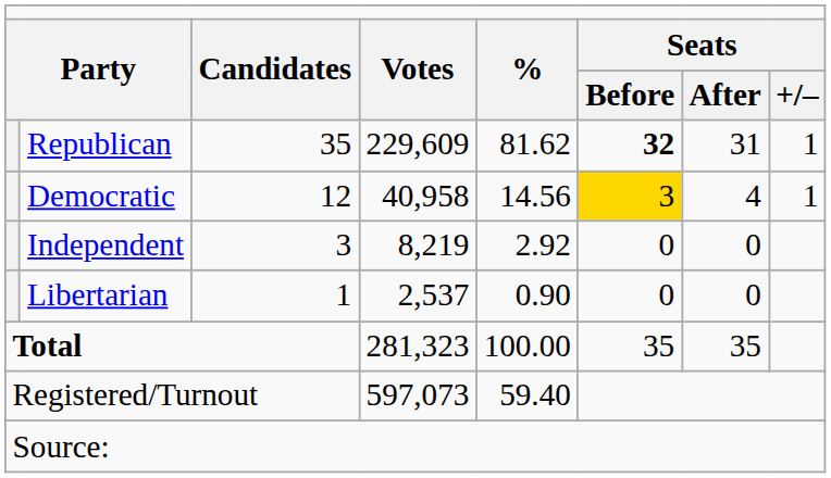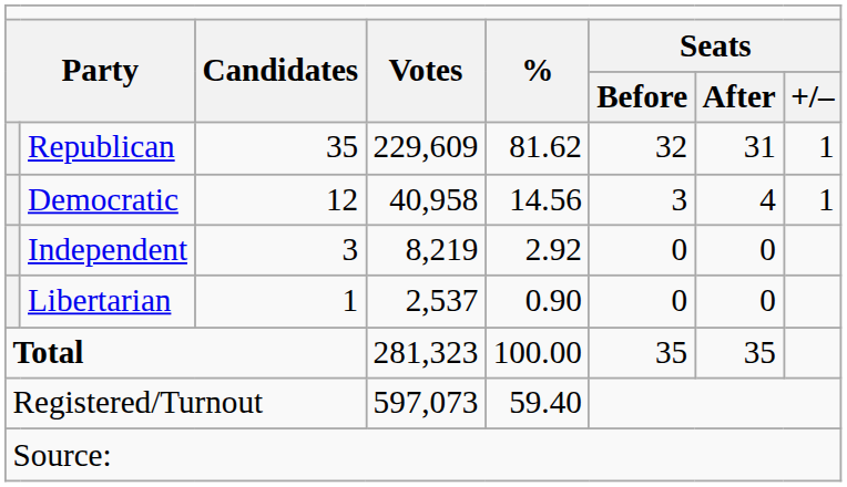 <table class="wikitable">
 <tr>
 <td colspan=13 align=center></td>
 </tr>
 <tr>
 <th rowspan="2" colspan="2">Party</th>
 <th rowspan="2">Candidates</th>
 <th rowspan="2">Votes</th>
 <th rowspan="2">%</th>
 <th colspan="5">Seats</th>
 </tr>
 <tr>
 <th>Before</th>
 <th>After</th>
 <th>+/–</th>
 </tr>
 <tr>
 <th style="background-color:"></th>
 <td><a href='#'>Republican</a></td>
 <td align="right">35</td>
 <td align="right">229,609</td>
 <td align="right">81.62</td>
-<td align="right"><strong>32</strong></td>
+<td align="right">32</td>
 <td align="right">31</td>
 <td align="right"> 1</td>
 </tr>
 <tr>
 <th style="background-color:"></th>
 <td><a href='#'>Democratic</a></td>
 <td align="right">12</td>
 <td align="right">40,958</td>
 <td align="right">14.56</td>
-<td align="right" style="background: gold;">3</td>
+<td align="right">3</td>
 <td align="right">4</td>
 <td align="right"> 1</td>
 </tr>
 <tr>
 <th style="background-color:"></th>
 <td><a href='#'>Independent</a></td>
 <td align="right">3</td>
 <td align="right">8,219</td>
 <td align="right">2.92</td>
 <td align="right">0</td>
 <td align="right">0</td>
 <td align="right"></td>
 </tr>
 <tr>
 <th style="background-color:"></th>
 <td><a href='#'>Libertarian</a></td>
 <td align="right">1</td>
 <td align="right">2,537</td>
 <td align="right">0.90</td>
 <td align="right">0</td>
 <td align="right">0</td>
 <td align="right"></td>
 </tr>
 <tr>
 <td colspan="3" align="left"><strong>Total</strong></td>
 <td align="right">281,323</td>
 <td align="right">100.00</td>
 <td align="right">35</td>
 <td align="right">35</td>
 <td align="right"></td>
 </tr>
 <tr>
 <td colspan="3" align="left">Registered/Turnout</td>
 <td align="right">597,073</td>
 <td align="right">59.40</td>
 <td colspan="3" align="right"></td>
 </tr>
 <tr>
 <td colspan="10">Source: </td>
 </tr>
 </table>
